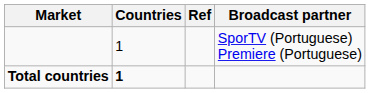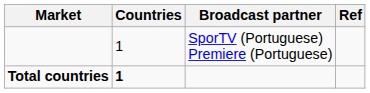 <table class="wikitable">
 <tr>
 <th>Market</th>
 <th>Countries</th>
+<th>Broadcast partner</th>
 <th>Ref</th>
-<th>Broadcast partner</th>
 </tr>
 <tr>
 <td></td>
 <td>1</td>
+<td><a href='#'>SporTV</a> (Portuguese) <br> <a href='#'>Premiere</a> (Portuguese)</td>
 <td></td>
-<td><a href='#'>SporTV</a> (Portuguese) <br> <a href='#'>Premiere</a> (Portuguese)</td>
 </tr>
 <tr>
 <td><strong>Total countries</strong></td>
 <td><strong>1</strong></td>
 <td></td>
 <td></td>
 </tr>
 </table>
